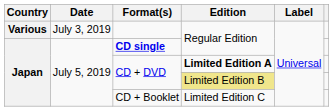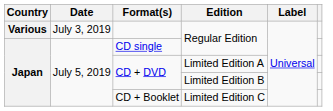 <table class="wikitable plainrowheaders" border="1">
 <tr>
 <th>Country</th>
 <th>Date</th>
 <th>Format(s)</th>
 <th>Edition</th>
 <th>Label</th>
 <th></th>
 </tr>
 <tr>
 <th scope="row">Various</th>
 <td>July 3, 2019</td>
 <td></td>
 <td rowspan="2">Regular Edition</td>
 <td rowspan="5"><a href='#'>Universal</a></td>
 <td></td>
 </tr>
 <tr>
 <th scope="row" rowspan="6">Japan</th>
 <td rowspan="4">July 5, 2019</td>
-<td><strong><a href='#'>CD single</a></strong></td>
+<td><a href='#'>CD single</a></td>
 <td></td>
 </tr>
 <tr>
 <td rowspan="2"><a href='#'>CD</a> + <a href='#'>DVD</a></td>
-<td><strong>Limited Edition A</strong></td>
+<td>Limited Edition A</td>
 <td></td>
 </tr>
 <tr>
-<td style="background: khaki;">Limited Edition B</td>
+<td>Limited Edition B</td>
 <td></td>
 </tr>
 <tr>
 <td>CD + Booklet</td>
 <td>Limited Edition C</td>
 <td></td>
 </tr>
 </table>
